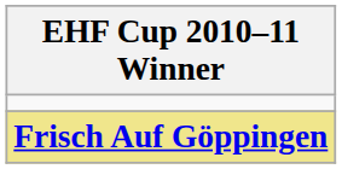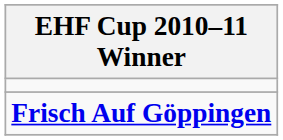 <table class="wikitable" style="text-align: center; margin: 0 auto;">
 <tr>
 <th>EHF Cup 2010–11 <br> Winner</th>
 </tr>
 <tr>
 <td></td>
 </tr>
 <tr>
-<td style="background: khaki;"><strong><a href='#'>Frisch Auf Göppingen</a></strong></td>
+<td><strong><a href='#'>Frisch Auf Göppingen</a></strong></td>
 </tr>
 </table>
